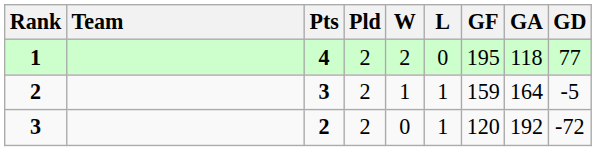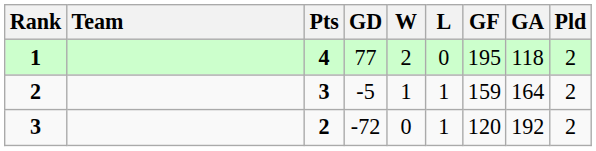 <table class="wikitable" style="text-align: center;">
 <tr>
 <th width=30>Rank</th>
 <th width=165 style="text-align:left;">Team</th>
 <th width=20>Pts</th>
-<th width=20>Pld</th>
+<th width=20>GD</th>
 <th width=20>W</th>
 <th width=20>L</th>
 <th width=20>GF</th>
 <th width=20>GA</th>
-<th width=20>GD</th>
+<th width=20>Pld</th>
 </tr>
 <tr style="background:#ccffcc;">
 <td><strong>1</strong></td>
 <td style="text-align:left;"></td>
 <td><strong>4</strong></td>
-<td>2</td>
+<td>77</td>
 <td>2</td>
 <td>0</td>
 <td>195</td>
 <td>118</td>
-<td>77</td>
+<td>2</td>
 </tr>
 <tr>
 <td><strong>2</strong></td>
 <td style="text-align:left;"></td>
 <td><strong>3</strong></td>
-<td>2</td>
+<td>-5</td>
 <td>1</td>
 <td>1</td>
 <td>159</td>
 <td>164</td>
-<td>-5</td>
+<td>2</td>
 </tr>
 <tr>
 <td><strong>3</strong></td>
 <td style="text-align:left;"></td>
 <td><strong>2</strong></td>
-<td>2</td>
+<td>-72</td>
 <td>0</td>
 <td>1</td>
 <td>120</td>
 <td>192</td>
-<td>-72</td>
+<td>2</td>
 </tr>
 </table>
